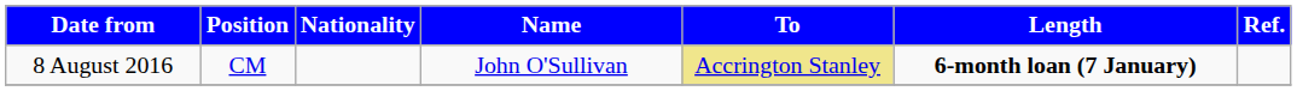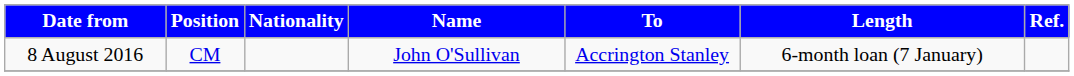 <table class="wikitable"  style="text-align:center; font-size:90%; ">
 <tr>
 <th style="background:#0000FF; color:white; width:110px;">Date from</th>
 <th style="background:#0000FF; color:white; width:50px;">Position</th>
 <th style="background:#0000FF; color:white; width:50px;">Nationality</th>
 <th style="background:#0000FF; color:white; width:150px;">Name</th>
 <th style="background:#0000FF; color:white; width:120px;">To</th>
 <th style="background:#0000FF; color:white; width:200px;">Length</th>
 <th style="background:#0000FF; color:white; width:25px;">Ref.</th>
 </tr>
 <tr>
 <td>8 August 2016</td>
 <td><a href='#'>CM</a></td>
 <td></td>
 <td><a href='#'>John O'Sullivan</a></td>
-<td style="background: khaki;"><a href='#'>Accrington Stanley</a></td>
-<td><strong>6-month loan (7 January)</strong></td>
+<td><a href='#'>Accrington Stanley</a></td>
+<td>6-month loan (7 January)</td>
 <td></td>
 </tr>
 <tr>
 </tr>
 </table>
